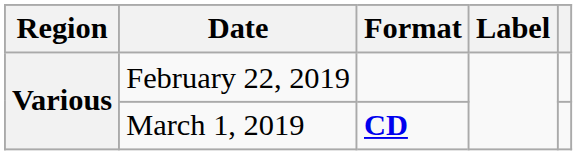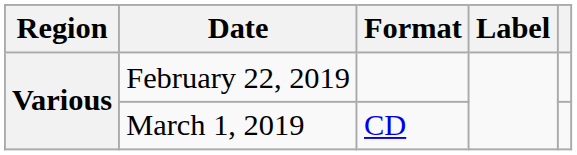 <table class="wikitable plainrowheaders">
 <tr>
 <th scope="col">Region</th>
 <th scope="col">Date</th>
 <th scope="col">Format</th>
 <th scope="col">Label</th>
 <th scope="col"></th>
 </tr>
 <tr>
 <th scope="row" rowspan="2">Various</th>
 <td>February 22, 2019</td>
 <td></td>
 <td rowspan="2"></td>
 <td></td>
 </tr>
 <tr>
 <td>March 1, 2019</td>
-<td><strong><a href='#'>CD</a></strong></td>
+<td><a href='#'>CD</a></td>
 <td></td>
 </tr>
 </table>
